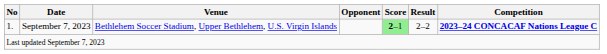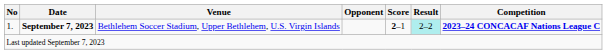 <table class="wikitable" style="font-size:85%;">
 <tr>
 <th>No</th>
 <th>Date</th>
 <th>Venue</th>
 <th>Opponent</th>
 <th>Score</th>
 <th>Result</th>
 <th>Competition</th>
 </tr>
 <tr>
 <td>1.</td>
-<td>September 7, 2023</td>
+<td><strong>September 7, 2023</strong></td>
 <td><a href='#'>Bethlehem Soccer Stadium</a>, <a href='#'>Upper Bethlehem</a>, <a href='#'>U.S. Virgin Islands</a></td>
 <td></td>
-<td align=center style="background: lightgreen;"><strong>2</strong>–1</td>
-<td align=center>2–2</td>
+<td align=center><strong>2</strong>–1</td>
+<td align=center style="background: paleturquoise;">2–2</td>
 <td><strong><a href='#'>2023–24 CONCACAF Nations League C</a></strong></td>
 </tr>
 <tr>
 <td colspan="7"><small>Last updated September 7, 2023</small></td>
 </tr>
 </table>
